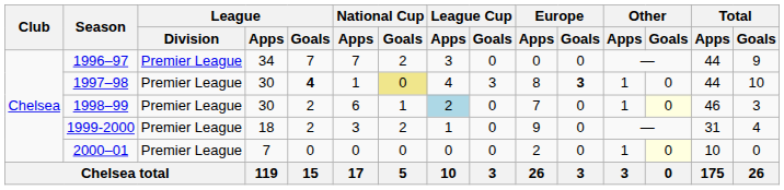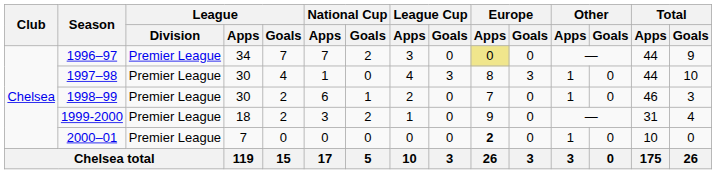 <table class=wikitable style="text-align:center">
 <tr>
 <th rowspan=2>Club</th>
 <th rowspan=2>Season</th>
 <th colspan=3>League</th>
 <th colspan=2>National Cup</th>
 <th colspan=2>League Cup</th>
 <th colspan=2>Europe</th>
 <th colspan=2>Other</th>
 <th colspan=2>Total</th>
 </tr>
 <tr>
 <th>Division</th>
 <th>Apps</th>
 <th>Goals</th>
 <th>Apps</th>
 <th>Goals</th>
 <th>Apps</th>
 <th>Goals</th>
 <th>Apps</th>
 <th>Goals</th>
 <th>Apps</th>
 <th>Goals</th>
 <th>Apps</th>
 <th>Goals</th>
 </tr>
 <tr>
 <td rowspan=5><a href='#'>Chelsea</a></td>
 <td><a href='#'>1996–97</a></td>
 <td><a href='#'>Premier League</a></td>
 <td>34</td>
 <td>7</td>
 <td>7</td>
 <td>2</td>
 <td>3</td>
 <td>0</td>
-<td>0</td>
+<td style="background: khaki;">0</td>
 <td>0</td>
 <td colspan=2>—</td>
 <td>44</td>
 <td>9</td>
 </tr>
 <tr>
 <td><a href='#'>1997–98</a></td>
 <td>Premier League</td>
 <td>30</td>
-<td><strong>4</strong></td>
+<td>4</td>
 <td>1</td>
-<td style="background: khaki;">0</td>
+<td>0</td>
 <td>4</td>
 <td>3</td>
 <td>8</td>
-<td><strong>3</strong></td>
+<td>3</td>
 <td>1</td>
 <td>0</td>
 <td>44</td>
 <td>10</td>
 </tr>
 <tr>
 <td><a href='#'>1998–99</a></td>
 <td>Premier League</td>
 <td>30</td>
 <td>2</td>
 <td>6</td>
 <td>1</td>
-<td style="background: lightblue;">2</td>
+<td>2</td>
 <td>0</td>
 <td>7</td>
 <td>0</td>
 <td>1</td>
-<td style="background: lightyellow;">0</td>
+<td>0</td>
 <td>46</td>
 <td>3</td>
 </tr>
 <tr>
 <td><a href='#'>1999-2000</a></td>
 <td>Premier League</td>
 <td>18</td>
 <td>2</td>
 <td>3</td>
 <td>2</td>
 <td>1</td>
 <td>0</td>
 <td>9</td>
 <td>0</td>
 <td colspan=2>—</td>
 <td>31</td>
 <td>4</td>
 </tr>
 <tr>
 <td><a href='#'>2000–01</a></td>
 <td>Premier League</td>
 <td>7</td>
 <td>0</td>
 <td>0</td>
 <td>0</td>
 <td>0</td>
 <td>0</td>
-<td>2</td>
+<td><strong>2</strong></td>
 <td>0</td>
 <td>1</td>
-<td style="background: lightyellow;">0</td>
+<td>0</td>
 <td>10</td>
 <td>0</td>
 </tr>
 <tr>
 <th colspan=3>Chelsea total</th>
 <th>119</th>
 <th>15</th>
 <th>17</th>
 <th>5</th>
 <th>10</th>
 <th>3</th>
 <th>26</th>
 <th>3</th>
 <th>3</th>
 <th>0</th>
 <th>175</th>
 <th>26</th>
 </tr>
 </table>
